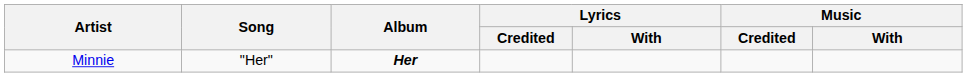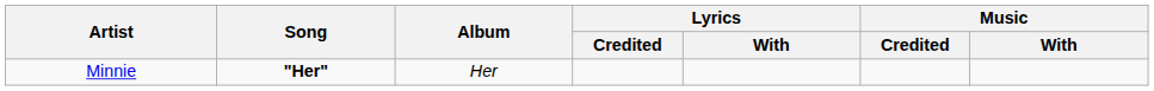 <table class="wikitable" style="text-align:center;">
 <tr>
 <th rowspan="2" style="width:12em;">Artist</th>
 <th rowspan="2" style="width:10em;">Song</th>
 <th rowspan="2" style="width:10em;">Album</th>
 <th colspan="2" style="width:16em;">Lyrics</th>
 <th colspan="2" style="width:16em;">Music</th>
 </tr>
 <tr>
 <th style="width:6em;">Credited</th>
 <th style="width:10em;">With</th>
 <th style="width:6em;">Credited</th>
 <th style="width:10em;">With</th>
 </tr>
 <tr>
 <td><a href='#'>Minnie</a></td>
-<td>"Her"</td>
-<td><strong><em>Her</em></strong></td>
+<td><strong>"Her"</strong></td>
+<td><em>Her</em></td>
 <td></td>
 <td></td>
 <td></td>
 <td></td>
 </tr>
 </table>
